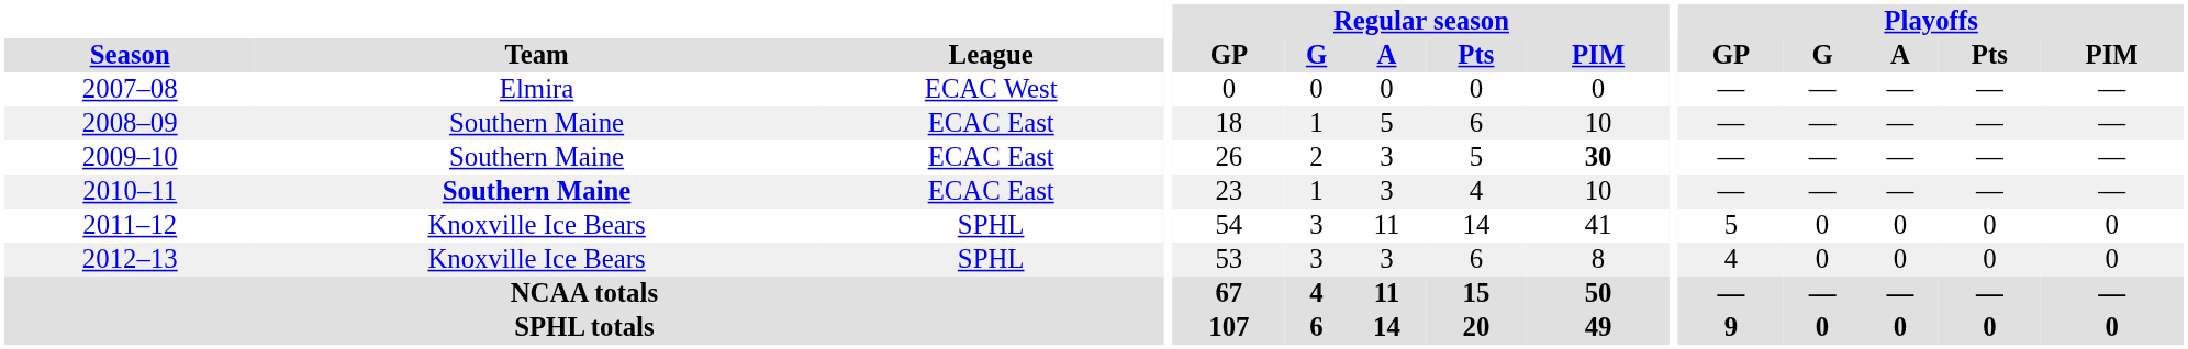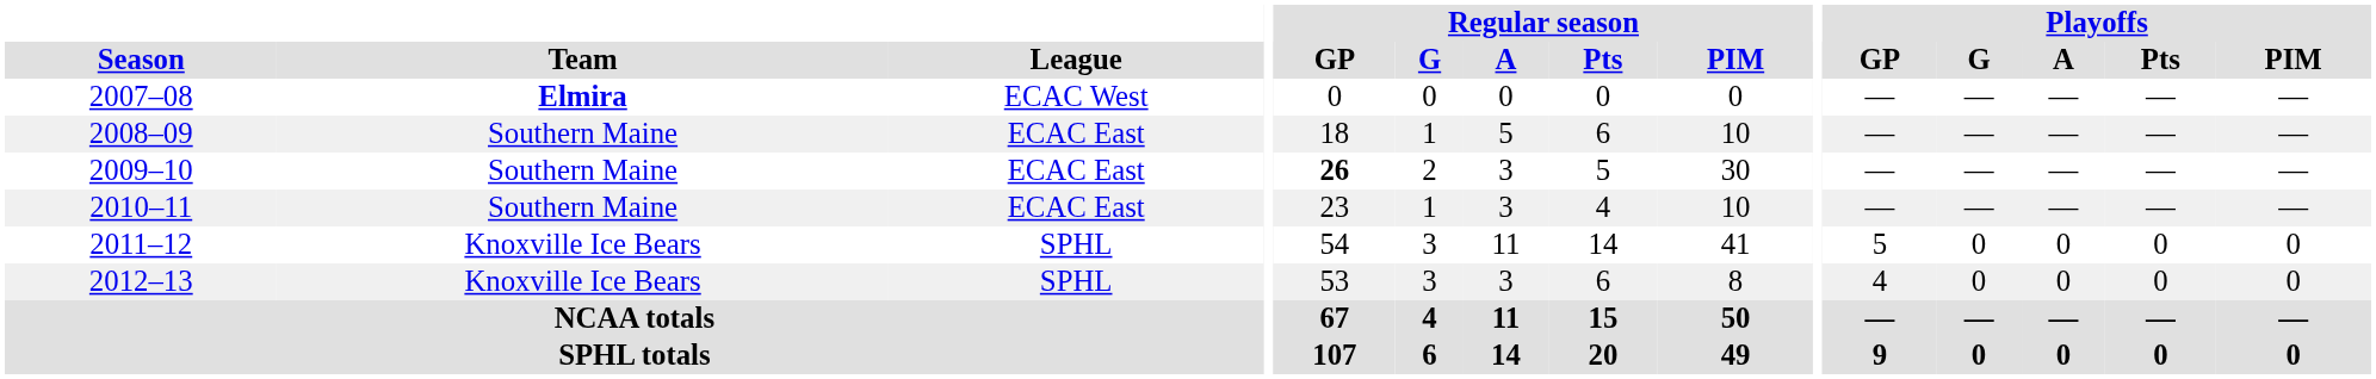 <table border="0" cellpadding="1" cellspacing="0" style="text-align:center; width:80em">
 <tr bgcolor="#e0e0e0">
 <th colspan="3" bgcolor="#ffffff"></th>
 <th rowspan="99" bgcolor="#ffffff"></th>
 <th colspan="5"><a href='#'>Regular season</a></th>
 <th rowspan="99" bgcolor="#ffffff"></th>
 <th colspan="5"><a href='#'>Playoffs</a></th>
 </tr>
 <tr bgcolor="#e0e0e0">
 <th><a href='#'>Season</a></th>
 <th>Team</th>
 <th>League</th>
 <th>GP</th>
 <th><a href='#'>G</a></th>
 <th><a href='#'>A</a></th>
 <th><a href='#'>Pts</a></th>
 <th><a href='#'>PIM</a></th>
 <th>GP</th>
 <th>G</th>
 <th>A</th>
 <th>Pts</th>
 <th>PIM</th>
 </tr>
 <tr>
 <td><a href='#'>2007–08</a></td>
-<td><a href='#'>Elmira</a></td>
+<td><strong><a href='#'>Elmira</a></strong></td>
 <td><a href='#'>ECAC West</a></td>
 <td>0</td>
 <td>0</td>
 <td>0</td>
 <td>0</td>
 <td>0</td>
 <td>—</td>
 <td>—</td>
 <td>—</td>
 <td>—</td>
 <td>—</td>
 </tr>
 <tr bgcolor="f0f0f0">
 <td><a href='#'>2008–09</a></td>
 <td><a href='#'>Southern Maine</a></td>
 <td><a href='#'>ECAC East</a></td>
 <td>18</td>
 <td>1</td>
 <td>5</td>
 <td>6</td>
 <td>10</td>
 <td>—</td>
 <td>—</td>
 <td>—</td>
 <td>—</td>
 <td>—</td>
 </tr>
 <tr>
 <td><a href='#'>2009–10</a></td>
 <td><a href='#'>Southern Maine</a></td>
 <td><a href='#'>ECAC East</a></td>
-<td>26</td>
+<td><strong>26</strong></td>
 <td>2</td>
 <td>3</td>
 <td>5</td>
-<td><strong>30</strong></td>
+<td>30</td>
 <td>—</td>
 <td>—</td>
 <td>—</td>
 <td>—</td>
 <td>—</td>
 </tr>
 <tr bgcolor="f0f0f0">
 <td><a href='#'>2010–11</a></td>
-<td><strong><a href='#'>Southern Maine</a></strong></td>
+<td><a href='#'>Southern Maine</a></td>
 <td><a href='#'>ECAC East</a></td>
 <td>23</td>
 <td>1</td>
 <td>3</td>
 <td>4</td>
 <td>10</td>
 <td>—</td>
 <td>—</td>
 <td>—</td>
 <td>—</td>
 <td>—</td>
 </tr>
 <tr>
 <td><a href='#'>2011–12</a></td>
 <td><a href='#'>Knoxville Ice Bears</a></td>
 <td><a href='#'>SPHL</a></td>
 <td>54</td>
 <td>3</td>
 <td>11</td>
 <td>14</td>
 <td>41</td>
 <td>5</td>
 <td>0</td>
 <td>0</td>
 <td>0</td>
 <td>0</td>
 </tr>
 <tr bgcolor="f0f0f0">
 <td><a href='#'>2012–13</a></td>
 <td><a href='#'>Knoxville Ice Bears</a></td>
 <td><a href='#'>SPHL</a></td>
 <td>53</td>
 <td>3</td>
 <td>3</td>
 <td>6</td>
 <td>8</td>
 <td>4</td>
 <td>0</td>
 <td>0</td>
 <td>0</td>
 <td>0</td>
 </tr>
 <tr bgcolor="#e0e0e0">
 <th colspan="3">NCAA totals</th>
 <th>67</th>
 <th>4</th>
 <th>11</th>
 <th>15</th>
 <th>50</th>
 <th>—</th>
 <th>—</th>
 <th>—</th>
 <th>—</th>
 <th>—</th>
 </tr>
 <tr bgcolor="#e0e0e0">
 <th colspan="3">SPHL totals</th>
 <th>107</th>
 <th>6</th>
 <th>14</th>
 <th>20</th>
 <th>49</th>
 <th>9</th>
 <th>0</th>
 <th>0</th>
 <th>0</th>
 <th>0</th>
 </tr>
 </table>
